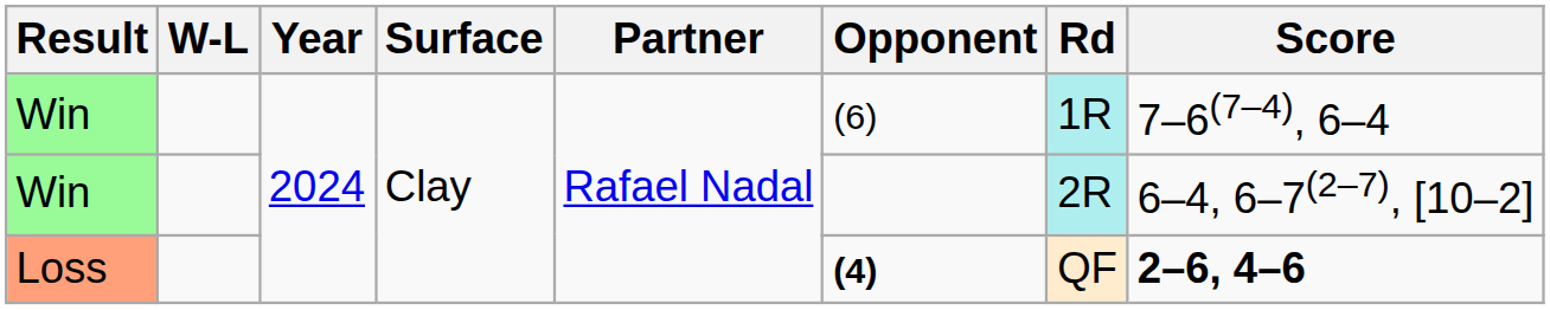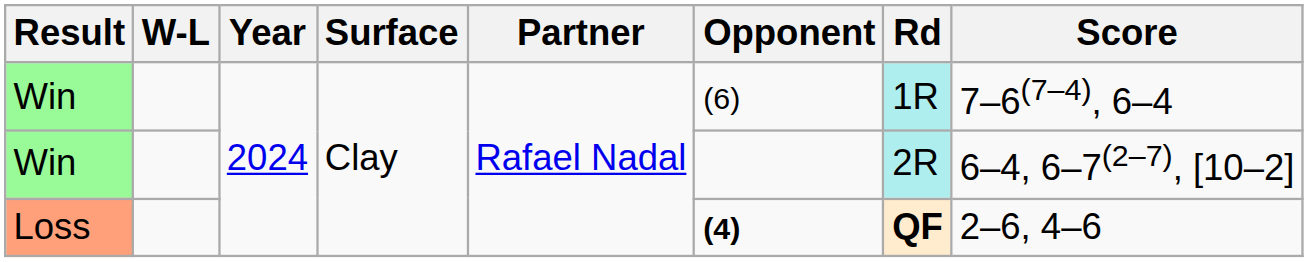 <table class="wikitable sortable" style=font-size:100%>
 <tr>
 <th scope="col">Result</th>
 <th scope="col" class="unsortable">W-L</th>
 <th scope="col">Year</th>
 <th scope="col">Surface</th>
 <th scope="col">Partner</th>
 <th scope="col">Opponent</th>
 <th scope="col">Rd</th>
 <th scope="col" class="unsortable">Score</th>
 </tr>
 <tr>
 <td bgcolor=98FB98>Win</td>
 <td></td>
 <td rowspan=3><a href='#'>2024</a></td>
 <td rowspan=3>Clay</td>
 <td rowspan=3><a href='#'>Rafael Nadal</a></td>
 <td> <small>(6)</small></td>
 <td style="background:#afeeee;">1R</td>
 <td>7–6<sup>(7–4)</sup>, 6–4</td>
 </tr>
 <tr>
 <td bgcolor=98FB98>Win</td>
 <td></td>
 <td></td>
 <td style="background:#afeeee;">2R</td>
 <td>6–4, 6–7<sup>(2–7)</sup>, [10–2]</td>
 </tr>
 <tr>
 <td style="background:#ffa07a;">Loss</td>
 <td></td>
 <td><strong> <small>(4)</small></strong></td>
-<td style="background:#ffebcd;" data-sort-value="6R">QF</td>
-<td><strong>2–6, 4–6</strong></td>
+<td style="background:#ffebcd;" data-sort-value="6R"><strong>QF</strong></td>
+<td>2–6, 4–6</td>
 </tr>
 </table>
